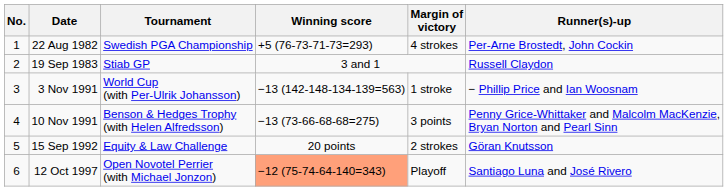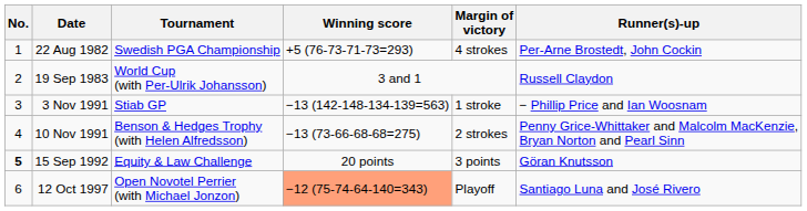 <table class="wikitable" style="font-size:95%;">
 <tr>
 <th>No.</th>
 <th>Date</th>
 <th>Tournament</th>
 <th>Winning score</th>
 <th>Margin of<br>victory</th>
 <th>Runner(s)-up</th>
 </tr>
 <tr>
 <td align=center>1</td>
 <td align=right>22 Aug 1982</td>
 <td><a href='#'>Swedish PGA Championship</a></td>
 <td>+5 (76-73-71-73=293)</td>
 <td>4 strokes</td>
 <td> <a href='#'>Per-Arne Brostedt</a>,  <a href='#'>John Cockin</a></td>
 </tr>
 <tr>
 <td align=center>2</td>
 <td align=right>19 Sep 1983</td>
-<td><a href='#'>Stiab GP</a></td>
+<td><a href='#'>World Cup</a><br>(with  <a href='#'>Per-Ulrik Johansson</a>)</td>
 <td colspan=2 align=center>3 and 1</td>
 <td> <a href='#'>Russell Claydon</a></td>
 </tr>
 <tr>
 <td align=center>3</td>
 <td align=right>3 Nov 1991</td>
-<td><a href='#'>World Cup</a><br>(with  <a href='#'>Per-Ulrik Johansson</a>)</td>
+<td><a href='#'>Stiab GP</a></td>
 <td>−13 (142-148-134-139=563)</td>
 <td>1 stroke</td>
 <td> − <a href='#'>Phillip Price</a> and <a href='#'>Ian Woosnam</a></td>
 </tr>
 <tr>
 <td align=center>4</td>
 <td align=right>10 Nov 1991</td>
 <td><a href='#'>Benson & Hedges Trophy</a><br>(with  <a href='#'>Helen Alfredsson</a>)</td>
 <td>−13 (73-66-68-68=275)</td>
-<td>3 points</td>
+<td>2 strokes</td>
 <td> <a href='#'>Penny Grice-Whittaker</a> and  <a href='#'>Malcolm MacKenzie</a>,<br> <a href='#'>Bryan Norton</a> and  <a href='#'>Pearl Sinn</a></td>
 </tr>
 <tr>
-<td align=center>5</td>
+<td align=center><strong>5</strong></td>
 <td align=right>15 Sep 1992</td>
 <td><a href='#'>Equity & Law Challenge</a></td>
 <td align=center>20 points</td>
-<td>2 strokes</td>
+<td>3 points</td>
 <td> <a href='#'>Göran Knutsson</a></td>
 </tr>
 <tr>
 <td align=center>6</td>
 <td align=right>12 Oct 1997</td>
 <td><a href='#'>Open Novotel Perrier</a><br>(with  <a href='#'>Michael Jonzon</a>)</td>
 <td style="background: lightsalmon;">−12 (75-74-64-140=343)</td>
 <td>Playoff</td>
 <td> <a href='#'>Santiago Luna</a> and  <a href='#'>José Rivero</a></td>
 </tr>
 </table>
